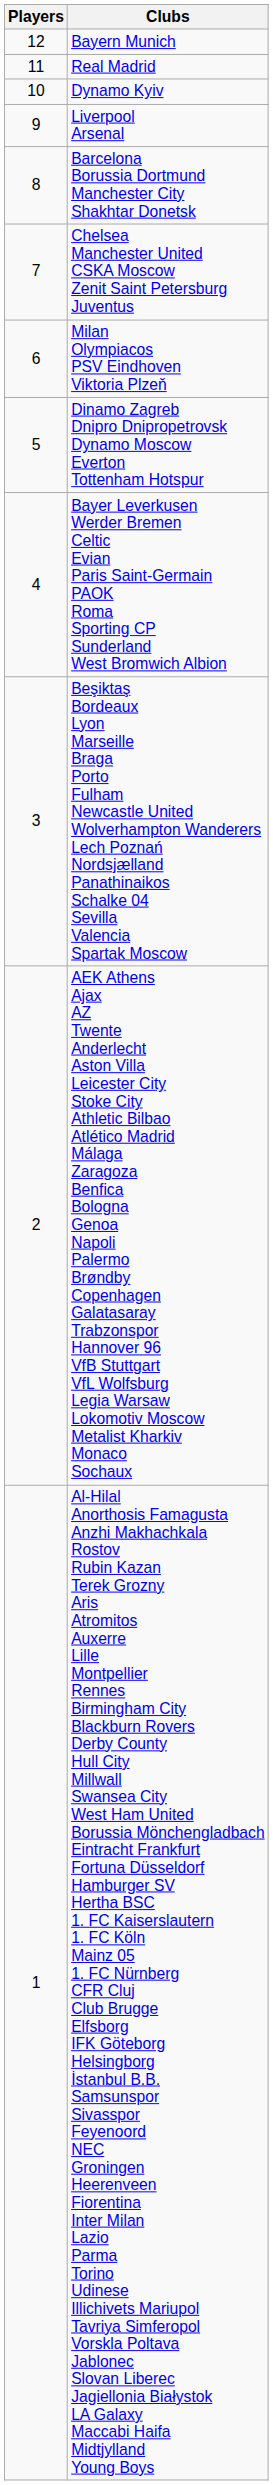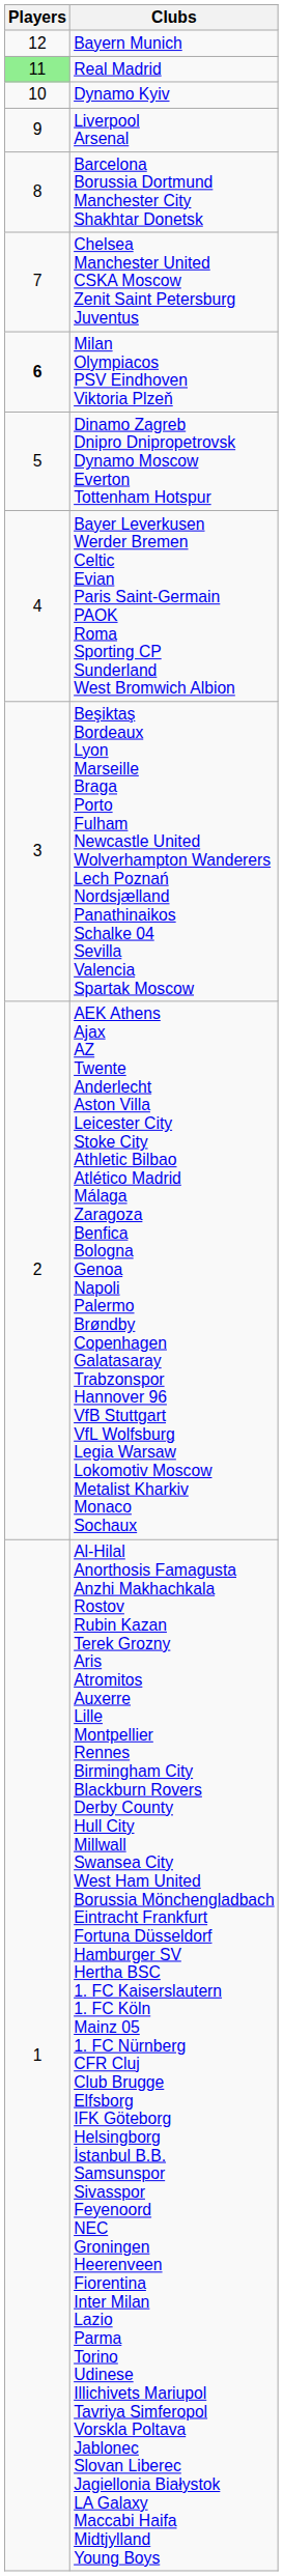 <table class="wikitable">
 <tr>
 <th>Players</th>
 <th>Clubs</th>
 </tr>
 <tr>
 <td align=center>12</td>
 <td> <a href='#'>Bayern Munich</a></td>
 </tr>
 <tr>
-<td align=center>11</td>
+<td align=center style="background: lightgreen;">11</td>
 <td> <a href='#'>Real Madrid</a></td>
 </tr>
 <tr>
 <td align=center>10</td>
 <td> <a href='#'>Dynamo Kyiv</a></td>
 </tr>
 <tr>
 <td align=center>9</td>
 <td> <a href='#'>Liverpool</a> <br> <a href='#'>Arsenal</a></td>
 </tr>
 <tr>
 <td align=center>8</td>
 <td> <a href='#'>Barcelona</a> <br> <a href='#'>Borussia Dortmund</a> <br> <a href='#'>Manchester City</a> <br> <a href='#'>Shakhtar Donetsk</a></td>
 </tr>
 <tr>
 <td align=center>7</td>
 <td> <a href='#'>Chelsea</a><br> <a href='#'>Manchester United</a> <br> <a href='#'>CSKA Moscow</a><br> <a href='#'>Zenit Saint Petersburg</a> <br> <a href='#'>Juventus</a></td>
 </tr>
 <tr>
-<td align=center>6</td>
+<td align=center><strong>6</strong></td>
 <td> <a href='#'>Milan</a> <br> <a href='#'>Olympiacos</a> <br> <a href='#'>PSV Eindhoven</a> <br> <a href='#'>Viktoria Plzeň</a></td>
 </tr>
 <tr>
 <td align=center>5</td>
 <td> <a href='#'>Dinamo Zagreb</a> <br> <a href='#'>Dnipro Dnipropetrovsk</a> <br> <a href='#'>Dynamo Moscow</a> <br> <a href='#'>Everton</a><br> <a href='#'>Tottenham Hotspur</a></td>
 </tr>
 <tr>
 <td align=center>4</td>
 <td> <a href='#'>Bayer Leverkusen</a><br> <a href='#'>Werder Bremen</a> <br> <a href='#'>Celtic</a> <br> <a href='#'>Evian</a><br> <a href='#'>Paris Saint-Germain</a> <br> <a href='#'>PAOK</a> <br> <a href='#'>Roma</a> <br> <a href='#'>Sporting CP</a> <br> <a href='#'>Sunderland</a><br> <a href='#'>West Bromwich Albion</a></td>
 </tr>
 <tr>
 <td align=center>3</td>
 <td> <a href='#'>Beşiktaş</a> <br> <a href='#'>Bordeaux</a><br> <a href='#'>Lyon</a><br> <a href='#'>Marseille</a> <br> <a href='#'>Braga</a><br> <a href='#'>Porto</a><br> <a href='#'>Fulham</a><br> <a href='#'>Newcastle United</a><br> <a href='#'>Wolverhampton Wanderers</a> <br> <a href='#'>Lech Poznań</a> <br> <a href='#'>Nordsjælland</a> <br> <a href='#'>Panathinaikos</a> <br> <a href='#'>Schalke 04</a> <br> <a href='#'>Sevilla</a><br> <a href='#'>Valencia</a> <br> <a href='#'>Spartak Moscow</a></td>
 </tr>
 <tr>
 <td align=center>2</td>
 <td> <a href='#'>AEK Athens</a> <br> <a href='#'>Ajax</a><br> <a href='#'>AZ</a><br> <a href='#'>Twente</a> <br> <a href='#'>Anderlecht</a> <br> <a href='#'>Aston Villa</a><br> <a href='#'>Leicester City</a><br> <a href='#'>Stoke City</a><br> <a href='#'>Athletic Bilbao</a><br> <a href='#'>Atlético Madrid</a><br> <a href='#'>Málaga</a><br> <a href='#'>Zaragoza</a> <br> <a href='#'>Benfica</a> <br> <a href='#'>Bologna</a><br> <a href='#'>Genoa</a><br> <a href='#'>Napoli</a><br> <a href='#'>Palermo</a> <br> <a href='#'>Brøndby</a><br> <a href='#'>Copenhagen</a> <br> <a href='#'>Galatasaray</a><br> <a href='#'>Trabzonspor</a>  <br> <a href='#'>Hannover 96</a><br> <a href='#'>VfB Stuttgart</a><br> <a href='#'>VfL Wolfsburg</a> <br> <a href='#'>Legia Warsaw</a> <br> <a href='#'>Lokomotiv Moscow</a> <br> <a href='#'>Metalist Kharkiv</a> <br> <a href='#'>Monaco</a><br> <a href='#'>Sochaux</a></td>
 </tr>
 <tr>
 <td align=center>1</td>
 <td> <a href='#'>Al-Hilal</a> <br> <a href='#'>Anorthosis Famagusta</a> <br> <a href='#'>Anzhi Makhachkala</a><br> <a href='#'>Rostov</a><br> <a href='#'>Rubin Kazan</a><br> <a href='#'>Terek Grozny</a> <br> <a href='#'>Aris</a><br> <a href='#'>Atromitos</a> <br> <a href='#'>Auxerre</a><br> <a href='#'>Lille</a><br> <a href='#'>Montpellier</a><br> <a href='#'>Rennes</a><br> <a href='#'>Birmingham City</a><br> <a href='#'>Blackburn Rovers</a><br> <a href='#'>Derby County</a><br> <a href='#'>Hull City</a><br> <a href='#'>Millwall</a><br> <a href='#'>Swansea City</a><br> <a href='#'>West Ham United</a><br> <a href='#'>Borussia Mönchengladbach</a><br> <a href='#'>Eintracht Frankfurt</a><br> <a href='#'>Fortuna Düsseldorf</a><br> <a href='#'>Hamburger SV</a><br> <a href='#'>Hertha BSC</a><br> <a href='#'>1. FC Kaiserslautern</a><br> <a href='#'>1. FC Köln</a><br> <a href='#'>Mainz 05</a><br> <a href='#'>1. FC Nürnberg</a> <br> <a href='#'>CFR Cluj</a> <br> <a href='#'>Club Brugge</a> <br> <a href='#'>Elfsborg</a><br> <a href='#'>IFK Göteborg</a><br> <a href='#'>Helsingborg</a><br> <a href='#'>İstanbul B.B.</a><br> <a href='#'>Samsunspor</a><br> <a href='#'>Sivasspor</a><br> <a href='#'>Feyenoord</a><br> <a href='#'>NEC</a><br> <a href='#'>Groningen</a><br> <a href='#'>Heerenveen</a> <br> <a href='#'>Fiorentina</a><br> <a href='#'>Inter Milan</a><br> <a href='#'>Lazio</a><br> <a href='#'>Parma</a><br> <a href='#'>Torino</a><br> <a href='#'>Udinese</a><br> <a href='#'>Illichivets Mariupol</a><br> <a href='#'>Tavriya Simferopol</a><br> <a href='#'>Vorskla Poltava</a><br> <a href='#'>Jablonec</a><br> <a href='#'>Slovan Liberec</a> <br> <a href='#'>Jagiellonia Białystok</a> <br> <a href='#'>LA Galaxy</a> <br> <a href='#'>Maccabi Haifa</a> <br> <a href='#'>Midtjylland</a> <br> <a href='#'>Young Boys</a></td>
 </tr>
 </table>
